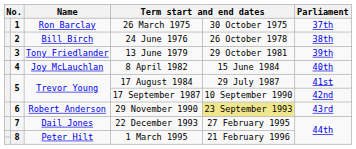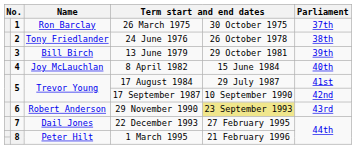 <table class="wikitable" style="text-align:center">
 <tr>
 <th colspan=2>No.</th>
 <th>Name</th>
 <th colspan=2 width = 250>Term start and end dates</th>
 <th width = 80>Parliament</th>
 </tr>
 <tr>
 <th style=background:></th>
 <td rowspan=1><strong>1</strong></td>
 <td rowspan=1><a href='#'>Ron Barclay</a></td>
 <td rowspan=1>26 March 1975</td>
 <td>30 October 1975</td>
 <td><a href='#'>37th</a></td>
 </tr>
 <tr>
 <th style=background:></th>
 <td rowspan=1><strong>2</strong></td>
-<td rowspan=1><a href='#'>Bill Birch</a></td>
+<td rowspan=1><a href='#'>Tony Friedlander</a></td>
 <td rowspan=1>24 June 1976</td>
 <td>26 October 1978</td>
 <td><a href='#'>38th</a></td>
 </tr>
 <tr>
 <th style=background:></th>
 <td rowspan=1><strong>3</strong></td>
-<td rowspan=1><a href='#'>Tony Friedlander</a></td>
+<td rowspan=1><a href='#'>Bill Birch</a></td>
 <td rowspan=1>13 June 1979</td>
 <td>29 October 1981</td>
 <td><a href='#'>39th</a></td>
 </tr>
 <tr>
 <th style=background:></th>
 <td rowspan=1><strong>4</strong></td>
 <td rowspan=1><a href='#'>Joy McLauchlan</a></td>
 <td rowspan=1>8 April 1982</td>
 <td>15 June 1984</td>
 <td><a href='#'>40th</a></td>
 </tr>
 <tr>
 <th rowspan=2 style=background:></th>
 <td rowspan=2><strong>5</strong></td>
 <td rowspan=2><a href='#'>Trevor Young</a></td>
 <td rowspan=1>17 August 1984</td>
 <td>29 July 1987</td>
 <td><a href='#'>41st</a></td>
 </tr>
 <tr>
 <td>17 September 1987</td>
 <td>10 September 1990</td>
 <td><a href='#'>42nd</a></td>
 </tr>
 <tr>
 <th style=background:></th>
 <td rowspan=1><strong>6</strong></td>
 <td rowspan=1><a href='#'>Robert Anderson</a></td>
 <td rowspan=1>29 November 1990</td>
 <td style="background: khaki;">23 September 1993</td>
 <td><a href='#'>43rd</a></td>
 </tr>
 <tr>
 <th style=background:></th>
 <td rowspan=1><strong>7</strong></td>
 <td rowspan=1><a href='#'>Dail Jones</a></td>
 <td rowspan=1>22 December 1993</td>
 <td>27 February 1995</td>
 <td rowspan=3><a href='#'>44th</a></td>
 </tr>
 <tr>
 <th style="background:"></th>
 <th rowspan=2><strong>8</strong></th>
 <td rowspan=2><a href='#'>Peter Hilt</a></td>
 <td rowspan=2>1 March 1995</td>
 <td rowspan=2>21 February 1996</td>
 </tr>
 <tr>
 <th style="background:"></th>
 </tr>
 </table>
